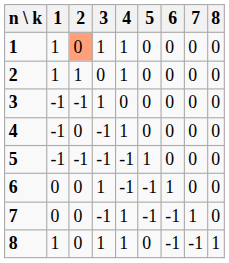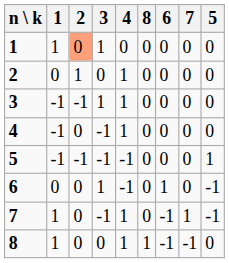 <table class="wikitable">
 <tr>
 <th><strong>n \ k</strong></th>
 <th><strong>1</strong></th>
 <th><strong>2</strong></th>
 <th><strong>3</strong></th>
 <th><strong>4</strong></th>
-<th><strong>5</strong></th>
+<th><strong>8</strong></th>
 <th><strong>6</strong></th>
 <th><strong>7</strong></th>
-<th><strong>8</strong></th>
+<th><strong>5</strong></th>
 </tr>
 <tr>
 <td><strong>1</strong></td>
 <td>1</td>
 <td style="background: lightsalmon;">0</td>
 <td>1</td>
-<td>1</td>
+<td>0</td>
 <td>0</td>
 <td>0</td>
 <td>0</td>
 <td>0</td>
 </tr>
 <tr>
 <td><strong>2</strong></td>
-<td>1</td>
+<td>0</td>
 <td>1</td>
 <td>0</td>
 <td>1</td>
 <td>0</td>
 <td>0</td>
 <td>0</td>
 <td>0</td>
 </tr>
 <tr>
 <td><strong>3</strong></td>
 <td>-1</td>
 <td>-1</td>
 <td>1</td>
-<td>0</td>
+<td>1</td>
 <td>0</td>
 <td>0</td>
 <td>0</td>
 <td>0</td>
 </tr>
 <tr>
 <td><strong>4</strong></td>
 <td>-1</td>
 <td>0</td>
 <td>-1</td>
 <td>1</td>
 <td>0</td>
 <td>0</td>
 <td>0</td>
 <td>0</td>
 </tr>
 <tr>
 <td><strong>5</strong></td>
 <td>-1</td>
 <td>-1</td>
 <td>-1</td>
 <td>-1</td>
-<td>1</td>
 <td>0</td>
 <td>0</td>
 <td>0</td>
+<td>1</td>
 </tr>
 <tr>
 <td><strong>6</strong></td>
 <td>0</td>
 <td>0</td>
 <td>1</td>
 <td>-1</td>
-<td>-1</td>
+<td>0</td>
 <td>1</td>
 <td>0</td>
-<td>0</td>
+<td>-1</td>
 </tr>
 <tr>
 <td><strong>7</strong></td>
+<td>1</td>
 <td>0</td>
+<td>-1</td>
+<td>1</td>
 <td>0</td>
 <td>-1</td>
 <td>1</td>
 <td>-1</td>
-<td>-1</td>
-<td>1</td>
-<td>0</td>
 </tr>
 <tr>
 <td><strong>8</strong></td>
 <td>1</td>
 <td>0</td>
+<td>0</td>
 <td>1</td>
 <td>1</td>
-<td>0</td>
 <td>-1</td>
 <td>-1</td>
-<td>1</td>
+<td>0</td>
 </tr>
 </table>
